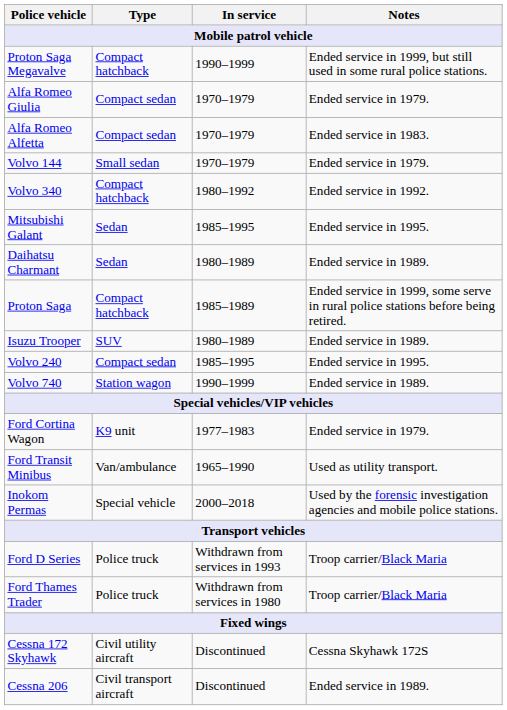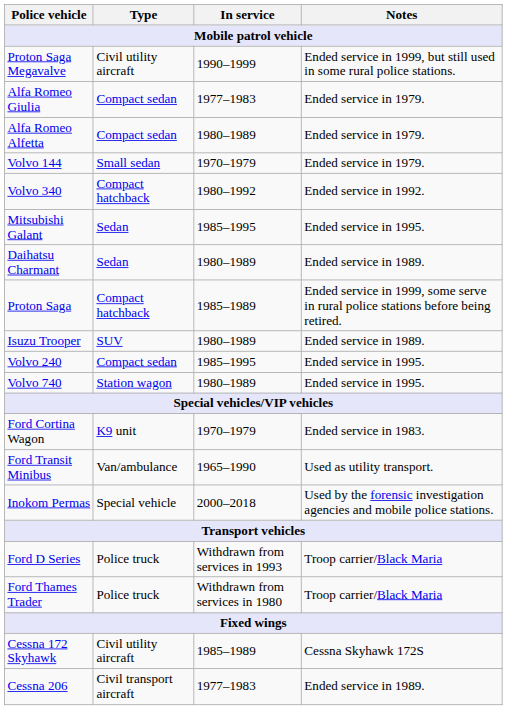 <table class="wikitable">
 <tr>
 <th style="text-align: center;">Police vehicle</th>
 <th style="text-align: center;">Type</th>
 <th style="text-align: center;">In service</th>
 <th style="text-align: center;">Notes</th>
 </tr>
 <tr>
 <th style="align: center; background: lavender;" colspan="7">Mobile patrol vehicle</th>
 </tr>
 <tr>
 <td><a href='#'>Proton Saga Megavalve</a></td>
-<td><a href='#'>Compact hatchback</a></td>
+<td>Civil utility aircraft</td>
 <td>1990–1999</td>
 <td>Ended service in 1999, but still used in some rural police stations.</td>
 </tr>
 <tr>
 <td><a href='#'>Alfa Romeo Giulia</a></td>
 <td><a href='#'>Compact sedan</a></td>
-<td>1970–1979</td>
+<td>1977–1983</td>
 <td>Ended service in 1979.</td>
 </tr>
 <tr>
 <td><a href='#'>Alfa Romeo Alfetta</a></td>
 <td><a href='#'>Compact sedan</a></td>
-<td>1970–1979</td>
-<td>Ended service in 1983.</td>
+<td>1980–1989</td>
+<td>Ended service in 1979.</td>
 </tr>
 <tr>
 <td><a href='#'>Volvo 144</a></td>
 <td><a href='#'>Small sedan</a></td>
 <td>1970–1979</td>
 <td>Ended service in 1979.</td>
 </tr>
 <tr>
 <td><a href='#'>Volvo 340</a></td>
 <td><a href='#'>Compact hatchback</a></td>
 <td>1980–1992</td>
 <td>Ended service in 1992.</td>
 </tr>
 <tr>
 <td><a href='#'>Mitsubishi Galant</a></td>
 <td><a href='#'>Sedan</a></td>
 <td>1985–1995</td>
 <td>Ended service in 1995.</td>
 </tr>
 <tr>
 <td><a href='#'>Daihatsu Charmant</a></td>
 <td><a href='#'>Sedan</a></td>
 <td>1980–1989</td>
 <td>Ended service in 1989.</td>
 </tr>
 <tr>
 <td><a href='#'>Proton Saga</a></td>
 <td><a href='#'>Compact hatchback</a></td>
 <td>1985–1989</td>
 <td>Ended service in 1999, some serve in rural police stations before being retired.</td>
 </tr>
 <tr>
 <td><a href='#'>Isuzu Trooper</a></td>
 <td><a href='#'>SUV</a></td>
 <td>1980–1989</td>
 <td>Ended service in 1989.</td>
 </tr>
 <tr>
 <td><a href='#'>Volvo 240</a></td>
 <td><a href='#'>Compact sedan</a></td>
 <td>1985–1995</td>
 <td>Ended service in 1995.</td>
 </tr>
 <tr>
 <td><a href='#'>Volvo 740</a></td>
 <td><a href='#'>Station wagon</a></td>
-<td>1990–1999</td>
-<td>Ended service in 1989.</td>
+<td>1980–1989</td>
+<td>Ended service in 1995.</td>
 </tr>
 <tr>
 <th style="align: center; background: lavender;" colspan="7">Special vehicles/VIP vehicles</th>
 </tr>
 <tr>
 <td><a href='#'>Ford Cortina</a> Wagon</td>
 <td><a href='#'>K9</a> unit</td>
-<td>1977–1983</td>
-<td>Ended service in 1979.</td>
+<td>1970–1979</td>
+<td>Ended service in 1983.</td>
 </tr>
 <tr>
 <td><a href='#'>Ford Transit Minibus</a></td>
 <td>Van/ambulance</td>
 <td>1965–1990</td>
 <td>Used as utility transport.</td>
 </tr>
 <tr>
 <td><a href='#'>Inokom Permas</a></td>
 <td>Special vehicle</td>
 <td>2000–2018</td>
 <td>Used by the <a href='#'>forensic</a> investigation agencies and mobile police stations.</td>
 </tr>
 <tr>
 <th style="align: center; background: lavender;" colspan="7">Transport vehicles</th>
 </tr>
 <tr>
 <td><a href='#'>Ford D Series</a></td>
 <td>Police truck</td>
 <td>Withdrawn from services in 1993</td>
 <td>Troop carrier/<a href='#'>Black Maria</a></td>
 </tr>
 <tr>
 <td><a href='#'>Ford Thames Trader</a></td>
 <td>Police truck</td>
 <td>Withdrawn from services in 1980</td>
 <td>Troop carrier/<a href='#'>Black Maria</a></td>
 </tr>
 <tr>
 <th style="align: center; background: lavender;" colspan="7">Fixed wings</th>
 </tr>
 <tr>
 <td><a href='#'>Cessna 172 Skyhawk</a></td>
 <td>Civil utility aircraft</td>
-<td>Discontinued</td>
+<td>1985–1989</td>
 <td>Cessna Skyhawk 172S</td>
 </tr>
 <tr>
 <td><a href='#'>Cessna 206</a></td>
 <td>Civil transport aircraft</td>
-<td>Discontinued</td>
+<td>1977–1983</td>
 <td>Ended service in 1989.</td>
 </tr>
 </table>
